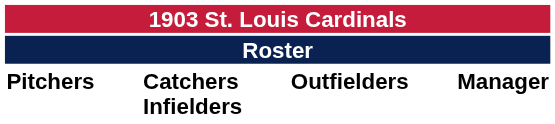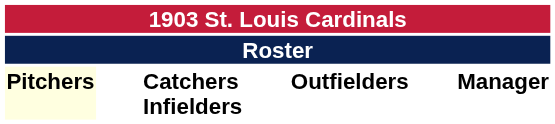 <table class="toccolours" style="font-size: 95%;">
 <tr>
 <th colspan="10" style="background-color: #c41c3a; color: white; text-align: center;">1903 St. Louis Cardinals</th>
 </tr>
 <tr>
 <td colspan="10" style="background-color: #0a2252; color: white; text-align: center;"><strong>Roster</strong></td>
 </tr>
 <tr>
-<td valign="top"><strong>Pitchers</strong><br>              </td>
+<td valign="top" style="background: lightyellow;"><strong>Pitchers</strong><br>              </td>
 <td width="25px"></td>
 <td valign="top"><strong>Catchers</strong><br>    <strong>Infielders</strong>         </td>
 <td width="25px"></td>
 <td valign="top"><strong>Outfielders</strong><br>   </td>
 <td width="25px"></td>
 <td valign="top"><strong>Manager</strong><br></td>
 </tr>
 </table>
